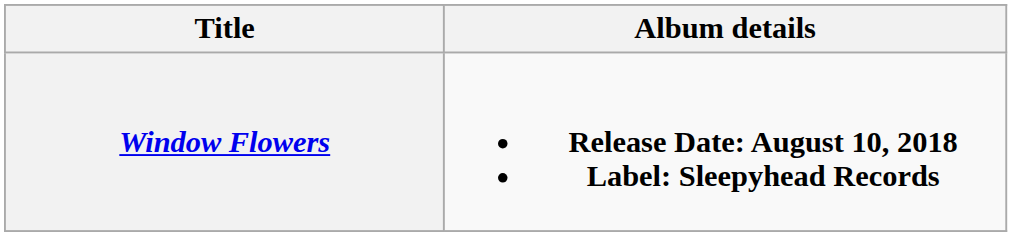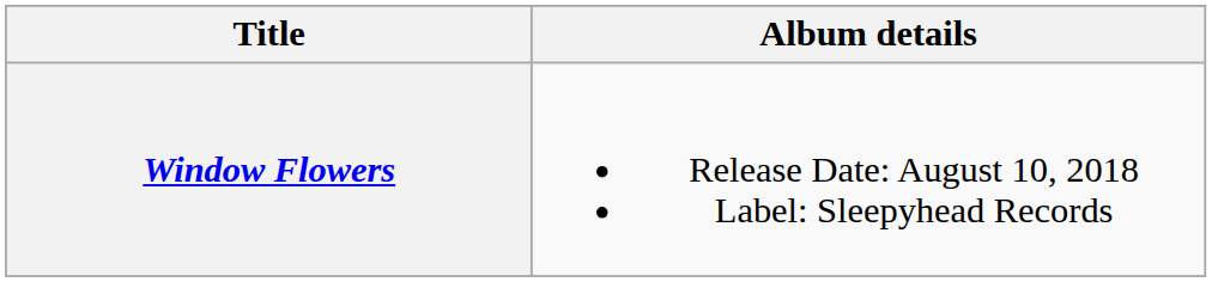 <table class="wikitable plainrowheaders" style="text-align:center;">
 <tr>
 <th scope="col" style="width:14em;">Title</th>
 <th scope="col" style="width:18em;">Album details</th>
 </tr>
 <tr>
 <th scope="row"><em><a href='#'>Window Flowers</a></em></th>
-<td><strong><br><ul><li>Release Date: August 10, 2018</li><li>Label: Sleepyhead Records</li></ul></strong></td>
+<td><br><ul><li>Release Date: August 10, 2018</li><li>Label: Sleepyhead Records</li></ul></td>
 </tr>
 </table>
